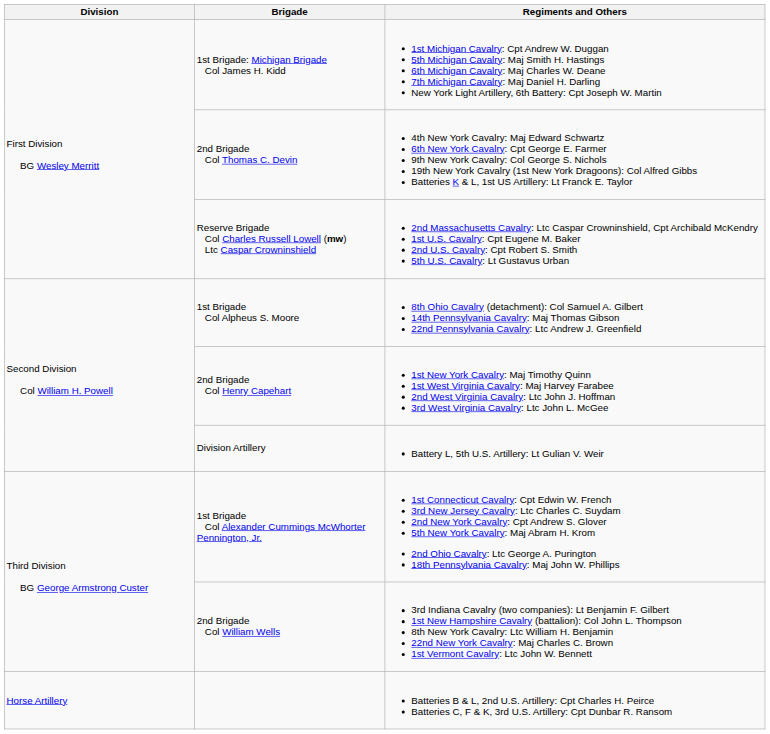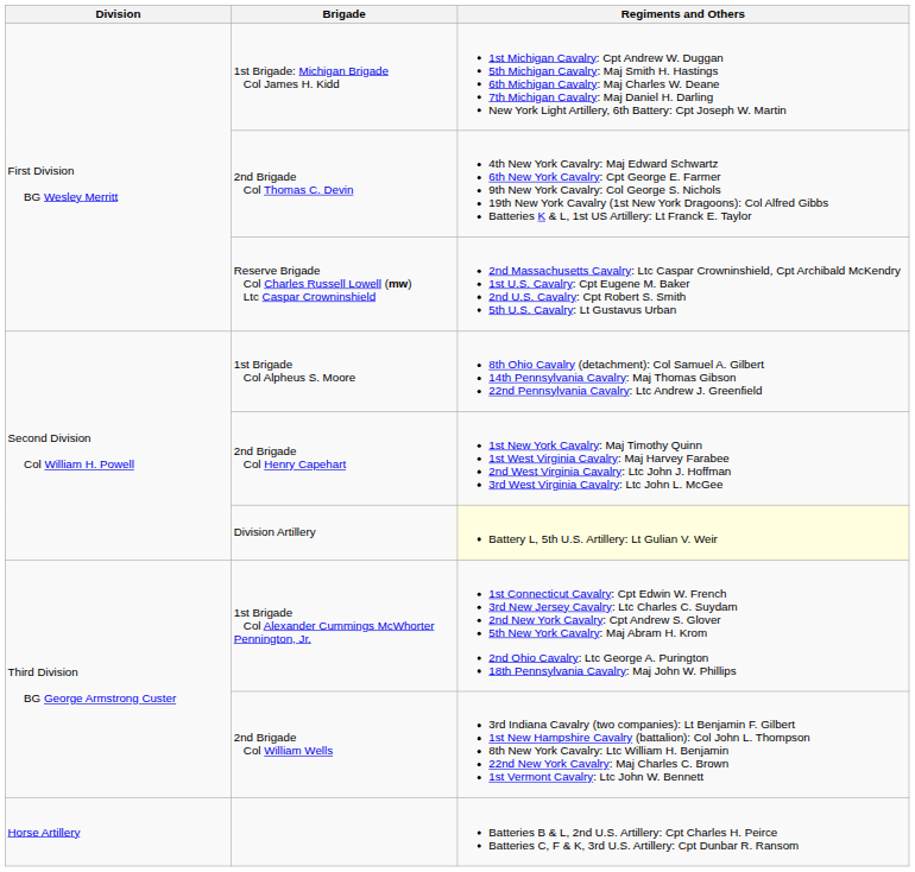 <table class="wikitable">
 <tr>
 <th width=25%>Division</th>
 <th width=25%>Brigade</th>
 <th>Regiments and Others</th>
 </tr>
 <tr>
 <td rowspan=3><br>First Division<br><br>     BG <a href='#'>Wesley Merritt</a></td>
 <td>1st Brigade: <a href='#'>Michigan Brigade</a><br>   Col James H. Kidd</td>
 <td><br><ul><li><a href='#'>1st Michigan Cavalry</a>: Cpt Andrew W. Duggan</li><li><a href='#'>5th Michigan Cavalry</a>: Maj Smith H. Hastings</li><li><a href='#'>6th Michigan Cavalry</a>: Maj Charles W. Deane</li><li><a href='#'>7th Michigan Cavalry</a>: Maj Daniel H. Darling</li><li>New York Light Artillery, 6th Battery: Cpt Joseph W. Martin</li></ul></td>
 </tr>
 <tr>
 <td>2nd Brigade<br>   Col <a href='#'>Thomas C. Devin</a></td>
 <td><br><ul><li>4th New York Cavalry: Maj Edward Schwartz</li><li><a href='#'>6th New York Cavalry</a>: Cpt George E. Farmer</li><li>9th New York Cavalry: Col George S. Nichols</li><li>19th New York Cavalry (1st New York Dragoons): Col Alfred Gibbs</li><li>Batteries <a href='#'>K</a> & L, 1st US Artillery: Lt Franck E. Taylor</li></ul></td>
 </tr>
 <tr>
 <td>Reserve Brigade<br>   Col <a href='#'>Charles Russell Lowell</a> (<strong>mw</strong>)<br>    Ltc <a href='#'>Caspar Crowninshield</a></td>
 <td><br><ul><li><a href='#'>2nd Massachusetts Cavalry</a>: Ltc Caspar Crowninshield, Cpt Archibald McKendry</li><li><a href='#'>1st U.S. Cavalry</a>: Cpt Eugene M. Baker</li><li><a href='#'>2nd U.S. Cavalry</a>: Cpt Robert S. Smith</li><li><a href='#'>5th U.S. Cavalry</a>: Lt Gustavus Urban</li></ul></td>
 </tr>
 <tr>
 <td rowspan=3><br>Second Division<br><br>     Col <a href='#'>William H. Powell</a></td>
 <td>1st Brigade<br>   Col Alpheus S. Moore</td>
 <td><br><ul><li><a href='#'>8th Ohio Cavalry</a> (detachment): Col Samuel A. Gilbert</li><li><a href='#'>14th Pennsylvania Cavalry</a>: Maj Thomas Gibson</li><li><a href='#'>22nd Pennsylvania Cavalry</a>: Ltc Andrew J. Greenfield</li></ul></td>
 </tr>
 <tr>
 <td>2nd Brigade<br>   Col <a href='#'>Henry Capehart</a></td>
 <td><br><ul><li><a href='#'>1st New York Cavalry</a>: Maj Timothy Quinn</li><li><a href='#'>1st West Virginia Cavalry</a>: Maj Harvey Farabee</li><li><a href='#'>2nd West Virginia Cavalry</a>: Ltc John J. Hoffman</li><li><a href='#'>3rd West Virginia Cavalry</a>: Ltc John L. McGee</li></ul></td>
 </tr>
 <tr>
 <td>Division Artillery</td>
-<td><br><ul><li>Battery L, 5th U.S. Artillery: Lt Gulian V. Weir</li></ul></td>
+<td style="background: lightyellow;"><br><ul><li>Battery L, 5th U.S. Artillery: Lt Gulian V. Weir</li></ul></td>
 </tr>
 <tr>
 <td rowspan=2><br>Third Division<br><br>     BG <a href='#'>George Armstrong Custer</a></td>
 <td>1st Brigade<br>   Col <a href='#'>Alexander Cummings McWhorter Pennington, Jr.</a></td>
 <td><br><ul><li><a href='#'>1st Connecticut Cavalry</a>: Cpt Edwin W. French</li><li><a href='#'>3rd New Jersey Cavalry</a>: Ltc Charles C. Suydam</li><li><a href='#'>2nd New York Cavalry</a>: Cpt Andrew S. Glover</li><li><a href='#'>5th New York Cavalry</a>: Maj Abram H. Krom</li></ul><ul><li><a href='#'>2nd Ohio Cavalry</a>: Ltc George A. Purington</li><li><a href='#'>18th Pennsylvania Cavalry</a>: Maj John W. Phillips</li></ul></td>
 </tr>
 <tr>
 <td>2nd Brigade<br>   Col <a href='#'>William Wells</a></td>
 <td><br><ul><li>3rd Indiana Cavalry (two companies): Lt Benjamin F. Gilbert</li><li><a href='#'>1st New Hampshire Cavalry</a> (battalion): Col John L. Thompson</li><li>8th New York Cavalry: Ltc William H. Benjamin</li><li><a href='#'>22nd New York Cavalry</a>: Maj Charles C. Brown</li><li><a href='#'>1st Vermont Cavalry</a>: Ltc John W. Bennett</li></ul></td>
 </tr>
 <tr>
 <td><a href='#'>Horse Artillery</a></td>
 <td></td>
 <td><br><ul><li>Batteries B & L, 2nd U.S. Artillery: Cpt Charles H. Peirce</li><li>Batteries C, F & K, 3rd U.S. Artillery: Cpt Dunbar R. Ransom</li></ul></td>
 </tr>
 </table>
